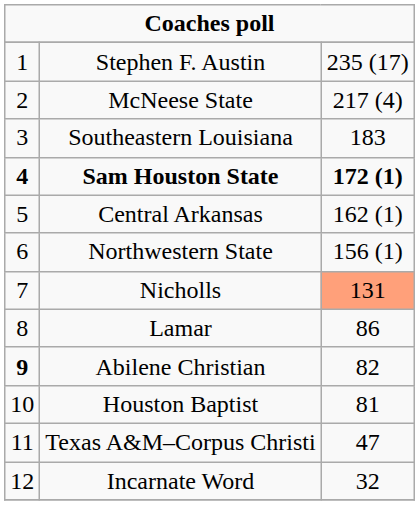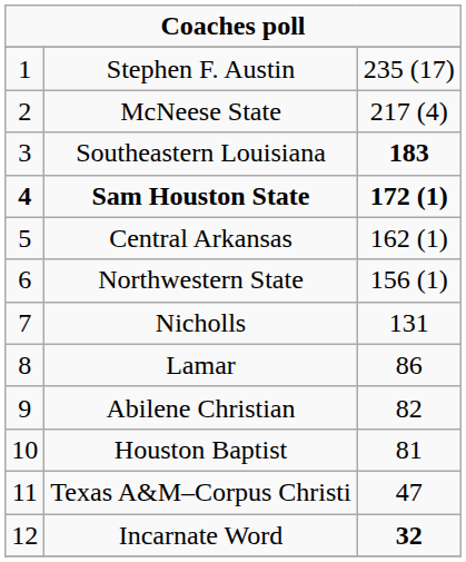 <table class="wikitable">
 <tr align="center">
 <td align="center" Colspan="3"><strong>Coaches poll</strong></td>
 </tr>
 <tr align="center">
 </tr>
 <tr align="center">
 <td>1</td>
 <td>Stephen F. Austin</td>
 <td>235 (17)</td>
 </tr>
 <tr align="center">
 <td>2</td>
 <td>McNeese State</td>
 <td>217 (4)</td>
 </tr>
 <tr align="center">
 <td>3</td>
 <td>Southeastern Louisiana</td>
-<td>183</td>
+<td><strong>183</strong></td>
 </tr>
 <tr align="center">
 <td><strong>4</strong></td>
 <td><strong>Sam Houston State</strong></td>
 <td><strong>172 (1)</strong></td>
 </tr>
 <tr align="center">
 <td>5</td>
 <td>Central Arkansas</td>
 <td>162 (1)</td>
 </tr>
 <tr align="center">
 <td>6</td>
 <td>Northwestern State</td>
 <td>156 (1)</td>
 </tr>
 <tr align="center">
 <td>7</td>
 <td>Nicholls</td>
-<td style="background: lightsalmon;">131</td>
+<td>131</td>
 </tr>
 <tr align="center">
 <td>8</td>
 <td>Lamar</td>
 <td>86</td>
 </tr>
 <tr align="center">
-<td><strong>9</strong></td>
+<td>9</td>
 <td>Abilene Christian</td>
 <td>82</td>
 </tr>
 <tr align="center">
 <td>10</td>
 <td>Houston Baptist</td>
 <td>81</td>
 </tr>
 <tr align="center">
 <td>11</td>
 <td>Texas A&M–Corpus Christi</td>
 <td>47</td>
 </tr>
 <tr align="center">
 <td>12</td>
 <td>Incarnate Word</td>
-<td>32</td>
+<td><strong>32</strong></td>
 </tr>
 <tr align="center">
 </tr>
 </table>
